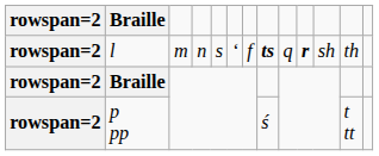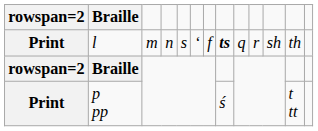 <table class="wikitable">
 <tr>
 <th>rowspan=2 </th>
 <th>Braille</th>
 <td></td>
 <td></td>
 <td></td>
 <td></td>
 <td></td>
 <td></td>
 <td></td>
 <td></td>
 <td></td>
 <td></td>
 <td></td>
 </tr>
 <tr>
-<th>rowspan=2 </th>
+<th>Print</th>
 <td><a href='#'></a> <em>l</em></td>
 <td><a href='#'></a> <em>m</em></td>
 <td><a href='#'></a> <em>n</em></td>
 <td><a href='#'></a> <em>s</em></td>
 <td><a href='#'></a> <em>‘</em></td>
 <td><a href='#'></a> <em>f</em></td>
 <td><strong><a href='#'></a> <em>ts</em></strong></td>
 <td><a href='#'></a> <em>q</em></td>
-<td><strong><a href='#'></a> <em>r</em></strong></td>
+<td><a href='#'></a> <em>r</em></td>
 <td><a href='#'></a> <em>sh</em></td>
 <td><a href='#'></a> <em>th</em></td>
 </tr>
 <tr>
 <th>rowspan=2 </th>
 <th>Braille</th>
 <td rowspan=2 colspan=5></td>
 <td></td>
 <td rowspan=2 colspan=3></td>
 <td></td>
 <td></td>
 </tr>
 <tr>
-<th>rowspan=2 </th>
+<th>Print</th>
 <td> <em>p<br>pp</em></td>
 <td> <em>ś</em><br></td>
 <td> <em>t<br>tt</em></td>
 </tr>
 </table>
